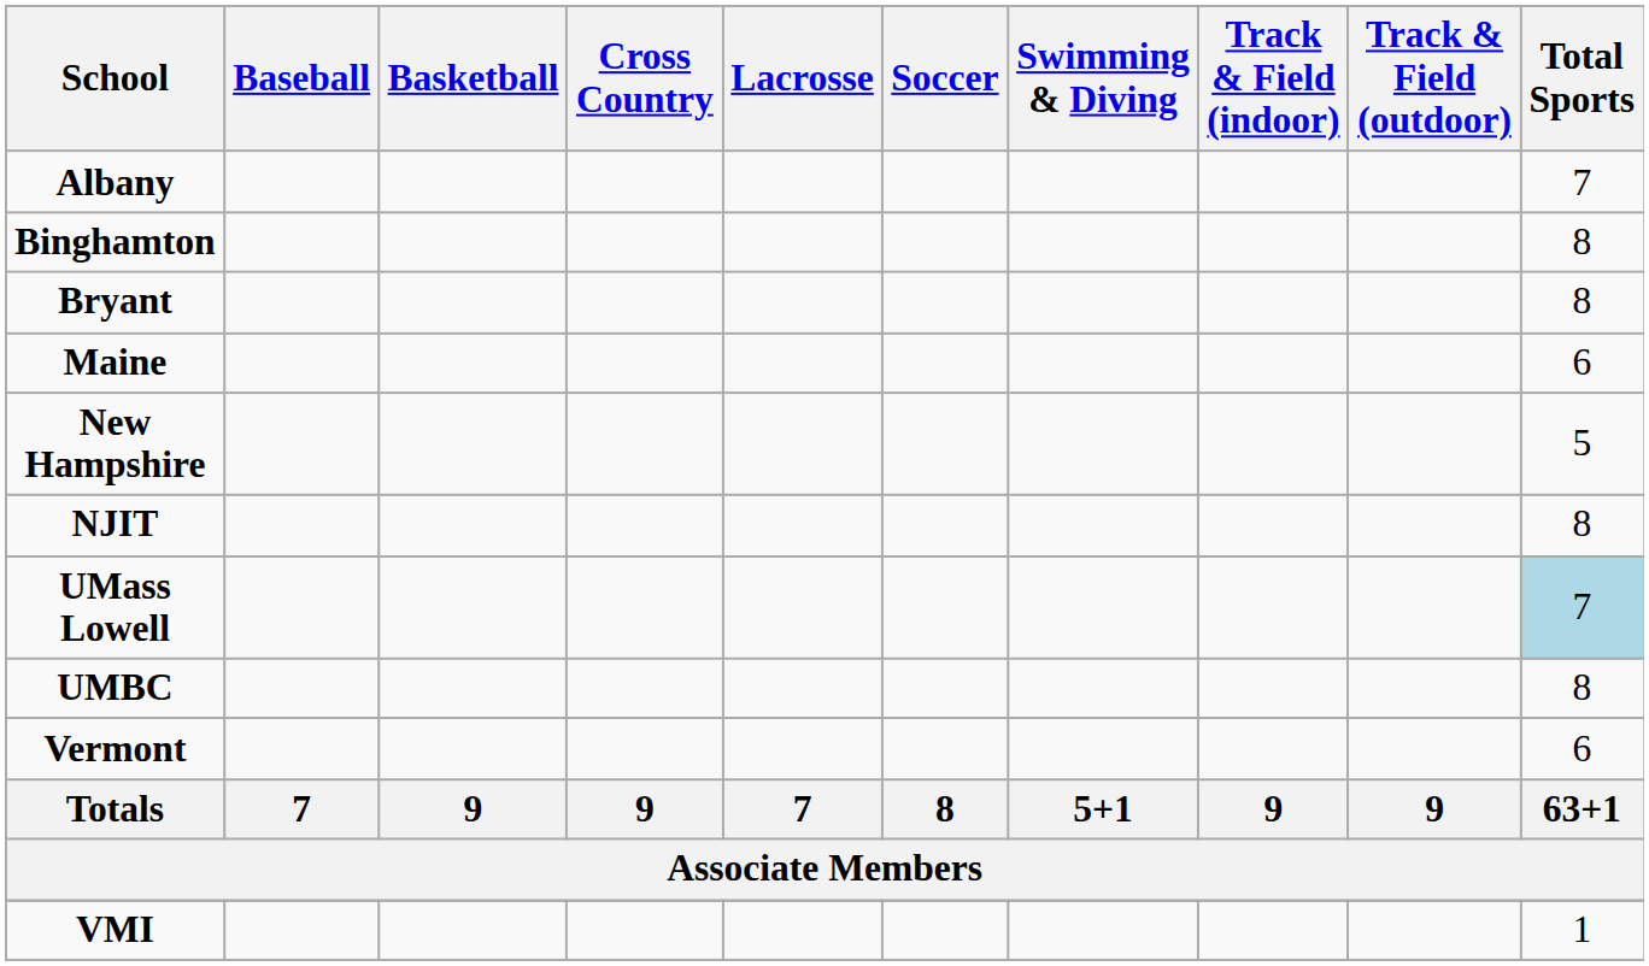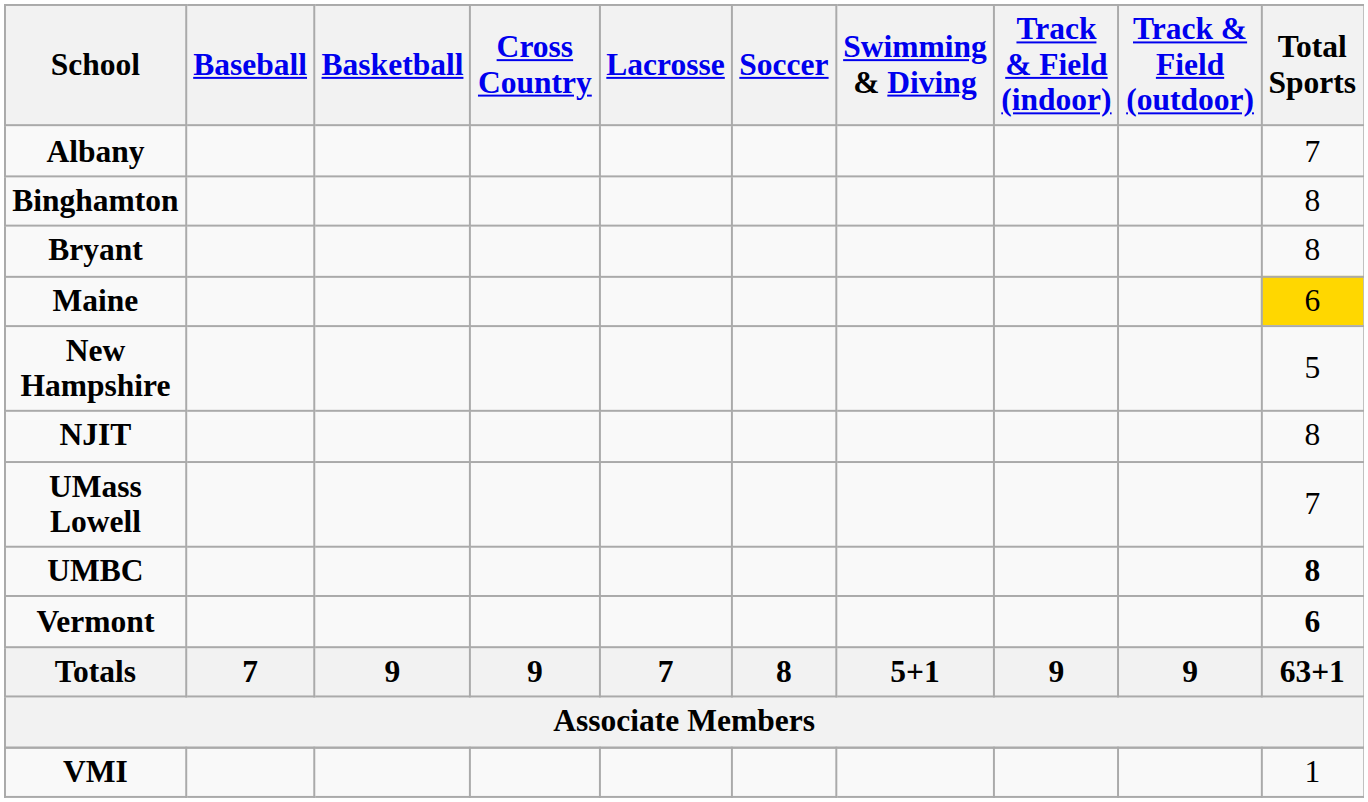 <table class="wikitable sortable" style="text-align:center; width:75%">
 <tr style="text-align:center">
 <th>School</th>
 <th><a href='#'>Baseball</a></th>
 <th><a href='#'>Basketball</a></th>
 <th><a href='#'>Cross <br> Country</a></th>
 <th><a href='#'>Lacrosse</a></th>
 <th><a href='#'>Soccer</a></th>
 <th><a href='#'>Swimming</a> & <a href='#'>Diving</a></th>
 <th><a href='#'>Track & Field<br>(indoor)</a></th>
 <th><a href='#'>Track & Field <br> (outdoor)</a></th>
 <th>Total<br>Sports</th>
 </tr>
 <tr style="text-align:center">
 <td><strong>Albany</strong></td>
 <td></td>
 <td></td>
 <td></td>
 <td></td>
 <td></td>
 <td></td>
 <td></td>
 <td></td>
 <td>7</td>
 </tr>
 <tr style="text-align:center">
 <td><strong>Binghamton</strong></td>
 <td></td>
 <td></td>
 <td></td>
 <td></td>
 <td></td>
 <td></td>
 <td></td>
 <td></td>
 <td>8</td>
 </tr>
 <tr style="text-align:center">
 <td><strong>Bryant</strong></td>
 <td></td>
 <td></td>
 <td></td>
 <td></td>
 <td></td>
 <td></td>
 <td></td>
 <td></td>
 <td>8</td>
 </tr>
 <tr style="text-align:center">
 <td><strong>Maine</strong></td>
 <td></td>
 <td></td>
 <td></td>
 <td></td>
 <td></td>
 <td></td>
 <td></td>
 <td></td>
-<td>6</td>
+<td style="background: gold;">6</td>
 </tr>
 <tr style="text-align:center">
 <td><strong>New Hampshire</strong></td>
 <td></td>
 <td></td>
 <td></td>
 <td></td>
 <td></td>
 <td></td>
 <td></td>
 <td></td>
 <td>5</td>
 </tr>
 <tr style="text-align:center">
 <td><strong>NJIT</strong></td>
 <td></td>
 <td></td>
 <td></td>
 <td></td>
 <td></td>
 <td></td>
 <td></td>
 <td></td>
 <td>8</td>
 </tr>
 <tr style="text-align:center">
 <td><strong>UMass Lowell</strong></td>
 <td></td>
 <td></td>
 <td></td>
 <td></td>
 <td></td>
 <td></td>
 <td></td>
 <td></td>
-<td style="background: lightblue;">7</td>
+<td>7</td>
 </tr>
 <tr style="text-align:center">
 <td><strong>UMBC</strong></td>
 <td></td>
 <td></td>
 <td></td>
 <td></td>
 <td></td>
 <td></td>
 <td></td>
 <td></td>
-<td>8</td>
+<td><strong>8</strong></td>
 </tr>
 <tr style="text-align:center">
 <td><strong>Vermont</strong></td>
 <td></td>
 <td></td>
 <td></td>
 <td></td>
 <td></td>
 <td></td>
 <td></td>
 <td></td>
-<td>6</td>
+<td><strong>6</strong></td>
 </tr>
 <tr style="text-align:center">
 <th>Totals</th>
 <th>7</th>
 <th>9</th>
 <th>9</th>
 <th>7</th>
 <th>8</th>
 <th>5+1</th>
 <th>9</th>
 <th>9</th>
 <th>63+1</th>
 </tr>
 <tr style="text-align:center">
 <th colspan="10">Associate Members</th>
 </tr>
 <tr>
 </tr>
 <tr style="text-align:center">
 <td><strong>VMI</strong></td>
 <td></td>
 <td></td>
 <td></td>
 <td></td>
 <td></td>
 <td></td>
 <td></td>
 <td></td>
 <td>1</td>
 </tr>
 </table>
